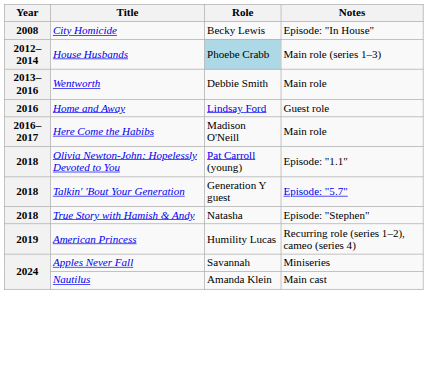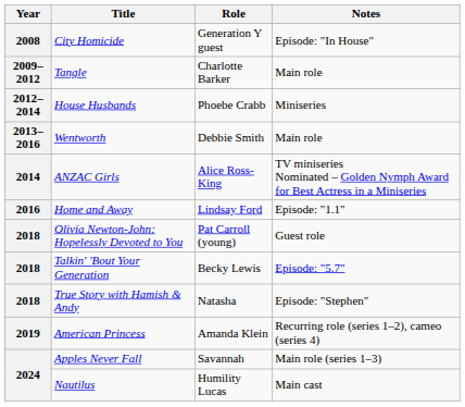 <table class="wikitable plainrowheaders sortable">
 <tr>
 <th scope="col">Year</th>
 <th scope="col">Title</th>
 <th scope="col">Role</th>
 <th scope="col" class="unsortable">Notes</th>
 </tr>
 <tr>
 <th scope="row">2008</th>
 <td><em><a href='#'>City Homicide</a></em></td>
-<td>Becky Lewis</td>
+<td>Generation Y guest</td>
 <td>Episode: "In House"</td>
+</tr>
+<tr>
+<th scope="row">2009–2012</th>
+<td><em><a href='#'>Tangle</a></em></td>
+<td>Charlotte Barker</td>
+<td>Main role</td>
 </tr>
 <tr>
 <th scope="row">2012–2014</th>
 <td><em><a href='#'>House Husbands</a></em></td>
-<td style="background: lightblue;">Phoebe Crabb</td>
-<td>Main role (series 1–3)</td>
+<td>Phoebe Crabb</td>
+<td>Miniseries</td>
 </tr>
 <tr>
 <th scope="row">2013–2016</th>
 <td><em><a href='#'>Wentworth</a></em></td>
 <td>Debbie Smith</td>
 <td>Main role</td>
 </tr>
 <tr>
+<th scope="row">2014</th>
+<td><em><a href='#'>ANZAC Girls</a></em></td>
+<td><a href='#'>Alice Ross-King</a></td>
+<td>TV miniseries<br>Nominated – <a href='#'>Golden Nymph Award for Best Actress in a Miniseries</a></td>
+</tr>
+<tr>
 <th scope="row">2016</th>
 <td><em><a href='#'>Home and Away</a></em></td>
 <td><a href='#'>Lindsay Ford</a></td>
-<td>Guest role</td>
-</tr>
-<tr>
-<th scope="row">2016–2017</th>
-<td><em><a href='#'>Here Come the Habibs</a></em></td>
-<td>Madison O'Neill</td>
-<td>Main role</td>
+<td>Episode: "1.1"</td>
 </tr>
 <tr>
 <th scope="row">2018</th>
 <td><em><a href='#'>Olivia Newton-John: Hopelessly Devoted to You</a></em></td>
 <td><a href='#'>Pat Carroll</a> (young)</td>
-<td>Episode: "1.1"</td>
+<td>Guest role</td>
 </tr>
 <tr>
 <th scope="row">2018</th>
 <td><em><a href='#'>Talkin' 'Bout Your Generation</a></em></td>
-<td>Generation Y guest</td>
+<td>Becky Lewis</td>
 <td><a href='#'>Episode: "5.7"</a></td>
 </tr>
 <tr>
 <th scope="row">2018</th>
 <td><em><a href='#'>True Story with Hamish & Andy</a></em></td>
 <td>Natasha</td>
 <td>Episode: "Stephen"</td>
 </tr>
 <tr>
 <th scope="row">2019</th>
 <td><em><a href='#'>American Princess</a></em></td>
-<td>Humility Lucas</td>
+<td>Amanda Klein</td>
 <td>Recurring role (series 1–2), cameo (series 4)</td>
 </tr>
 <tr>
 <th rowspan="2" scope="row">2024</th>
 <td><em><a href='#'>Apples Never Fall</a></em></td>
 <td>Savannah</td>
-<td>Miniseries</td>
+<td>Main role (series 1–3)</td>
 </tr>
 <tr>
 <td><em><a href='#'>Nautilus</a></em></td>
-<td>Amanda Klein</td>
+<td>Humility Lucas</td>
 <td>Main cast</td>
 </tr>
 </table>
